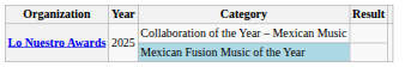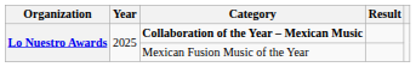 <table class="wikitable sortable plainrowheaders" style="border:none; margin:0;">
 <tr>
 <th scope="col">Organization</th>
 <th scope="col">Year</th>
 <th scope="col">Category</th>
 <th scope="col">Result</th>
 <th class="unsortable" scope="col"></th>
 </tr>
 <tr>
 <th scope="row" rowspan="2"><a href='#'>Lo Nuestro Awards</a></th>
 <td rowspan="2">2025</td>
-<td>Collaboration of the Year – Mexican Music</td>
+<td><strong>Collaboration of the Year – Mexican Music</strong></td>
 <td></td>
 <td style="text-align:center;" rowspan="2"></td>
 </tr>
 <tr>
-<td style="background: lightblue;">Mexican Fusion Music of the Year</td>
+<td>Mexican Fusion Music of the Year</td>
 <td></td>
 </tr>
 <tr>
 </tr>
 </table>
